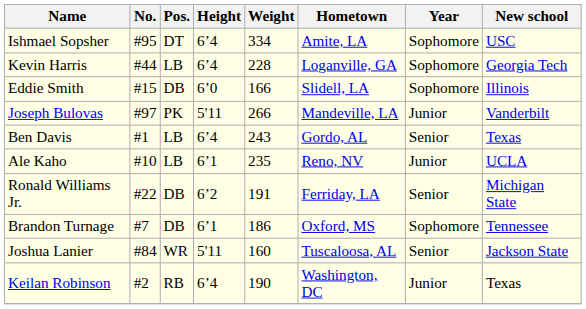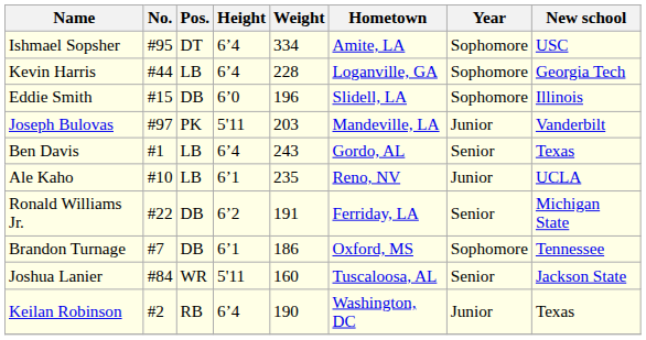 <table class="wikitable sortable">
 <tr>
 <th>Name</th>
 <th>No.</th>
 <th>Pos.</th>
 <th>Height</th>
 <th>Weight</th>
 <th>Hometown</th>
 <th>Year</th>
 <th class="unsortable">New school</th>
 </tr>
 <tr style="background:#FFFFE6;">
 <td>Ishmael Sopsher</td>
 <td>#95</td>
 <td>DT</td>
 <td>6’4</td>
 <td>334</td>
 <td><a href='#'>Amite, LA</a></td>
 <td>Sophomore</td>
 <td><a href='#'>USC</a></td>
 </tr>
 <tr style="background:#FFFFE6;">
 <td>Kevin Harris</td>
 <td>#44</td>
 <td>LB</td>
 <td>6’4</td>
 <td>228</td>
 <td><a href='#'>Loganville, GA</a></td>
 <td>Sophomore</td>
 <td><a href='#'>Georgia Tech</a></td>
 </tr>
 <tr style="background:#FFFFE6;">
 <td>Eddie Smith</td>
 <td>#15</td>
 <td>DB</td>
 <td>6’0</td>
-<td>166</td>
+<td>196</td>
 <td><a href='#'>Slidell, LA</a></td>
 <td> Sophomore</td>
 <td><a href='#'>Illinois</a></td>
 </tr>
 <tr style="background:#FFFFE6;">
 <td><a href='#'>Joseph Bulovas</a></td>
 <td>#97</td>
 <td>PK</td>
 <td>5'11</td>
-<td>266</td>
+<td>203</td>
 <td><a href='#'>Mandeville, LA</a></td>
 <td> Junior</td>
 <td><a href='#'>Vanderbilt</a></td>
 </tr>
 <tr style="background:#FFFFE6;">
 <td>Ben Davis</td>
 <td>#1</td>
 <td>LB</td>
 <td>6’4</td>
 <td>243</td>
 <td><a href='#'>Gordo, AL</a></td>
 <td> Senior</td>
 <td><a href='#'>Texas</a></td>
 </tr>
 <tr style="background:#FFFFE6;">
 <td>Ale Kaho</td>
 <td>#10</td>
 <td>LB</td>
 <td>6’1</td>
 <td>235</td>
 <td><a href='#'>Reno, NV</a></td>
 <td>Junior</td>
 <td><a href='#'>UCLA</a></td>
 </tr>
 <tr style="background:#FFFFE6;">
 <td>Ronald Williams Jr.</td>
 <td>#22</td>
 <td>DB</td>
 <td>6’2</td>
 <td>191</td>
 <td><a href='#'>Ferriday, LA</a></td>
 <td>Senior</td>
 <td><a href='#'>Michigan State</a></td>
 </tr>
 <tr style="background:#FFFFE6;">
 <td>Brandon Turnage</td>
 <td>#7</td>
 <td>DB</td>
 <td>6’1</td>
 <td>186</td>
 <td><a href='#'>Oxford, MS</a></td>
 <td> Sophomore</td>
 <td><a href='#'>Tennessee</a></td>
 </tr>
 <tr style="background:#FFFFE6;">
 <td>Joshua Lanier</td>
 <td>#84</td>
 <td>WR</td>
 <td>5'11</td>
 <td>160</td>
 <td><a href='#'>Tuscaloosa, AL</a></td>
 <td> Senior</td>
 <td><a href='#'>Jackson State</a></td>
 </tr>
 <tr style="background:#FFFFE6;">
 <td><a href='#'>Keilan Robinson</a></td>
 <td>#2</td>
 <td>RB</td>
 <td>6’4</td>
 <td>190</td>
 <td><a href='#'>Washington, DC</a></td>
 <td>Junior</td>
 <td>Texas</td>
 </tr>
 <tr>
 </tr>
 </table>
